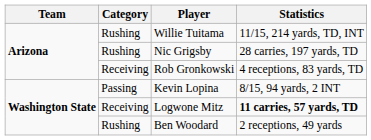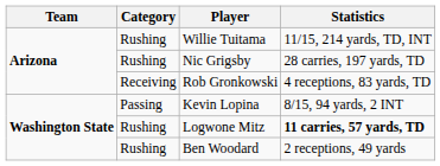 <table class="wikitable" style="float: right;">
 <tr>
 <th>Team</th>
 <th>Category</th>
 <th>Player</th>
 <th>Statistics</th>
 </tr>
 <tr>
 <td rowspan=3><strong>Arizona</strong></td>
 <td>Rushing</td>
 <td>Willie Tuitama</td>
 <td>11/15, 214 yards, TD, INT</td>
 </tr>
 <tr>
 <td>Rushing</td>
 <td>Nic Grigsby</td>
 <td>28 carries, 197 yards, TD</td>
 </tr>
 <tr>
 <td>Receiving</td>
 <td>Rob Gronkowski</td>
 <td>4 receptions, 83 yards, TD</td>
 </tr>
 <tr>
 <td rowspan=3><strong>Washington State</strong></td>
 <td>Passing</td>
 <td>Kevin Lopina</td>
 <td>8/15, 94 yards, 2 INT</td>
 </tr>
 <tr>
-<td>Receiving</td>
+<td>Rushing</td>
 <td>Logwone Mitz</td>
 <td><strong>11 carries, 57 yards, TD</strong></td>
 </tr>
 <tr>
 <td>Rushing</td>
 <td>Ben Woodard</td>
 <td>2 receptions, 49 yards</td>
 </tr>
 </table>
